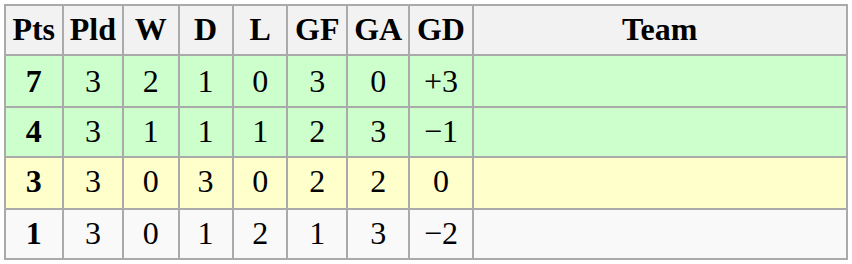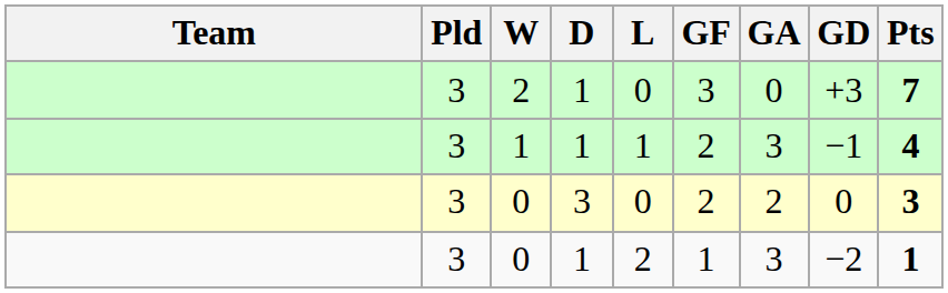 <table class="wikitable" style="text-align:center;">
 <tr>
-<th width=20>Pts</th>
+<th width=180>Team</th>
 <th width=20>Pld</th>
 <th width=20>W</th>
 <th width=20>D</th>
 <th width=20>L</th>
 <th width=20>GF</th>
 <th width=20>GA</th>
 <th width=20>GD</th>
-<th width=180>Team</th>
+<th width=20>Pts</th>
 </tr>
 <tr bgcolor=ccffcc>
-<td><strong>7</strong></td>
+<td align="left"></td>
 <td>3</td>
 <td>2</td>
 <td>1</td>
 <td>0</td>
 <td>3</td>
 <td>0</td>
 <td>+3</td>
-<td align="left"></td>
+<td><strong>7</strong></td>
 </tr>
 <tr bgcolor=ccffcc>
-<td><strong>4</strong></td>
+<td align="left"></td>
 <td>3</td>
 <td>1</td>
 <td>1</td>
 <td>1</td>
 <td>2</td>
 <td>3</td>
 <td>−1</td>
-<td align="left"></td>
+<td><strong>4</strong></td>
 </tr>
 <tr bgcolor=ffffcc>
-<td><strong>3</strong></td>
+<td align="left"></td>
 <td>3</td>
 <td>0</td>
 <td>3</td>
 <td>0</td>
 <td>2</td>
 <td>2</td>
 <td>0</td>
-<td align="left"></td>
+<td><strong>3</strong></td>
 </tr>
 <tr>
-<td><strong>1</strong></td>
+<td align="left"></td>
 <td>3</td>
 <td>0</td>
 <td>1</td>
 <td>2</td>
 <td>1</td>
 <td>3</td>
 <td>−2</td>
-<td align="left"></td>
+<td><strong>1</strong></td>
 </tr>
 </table>
